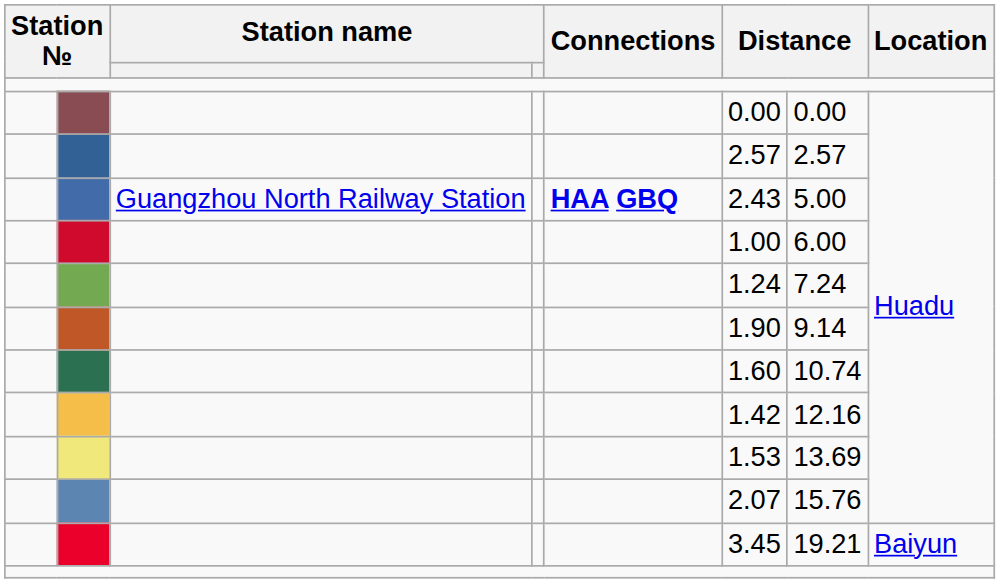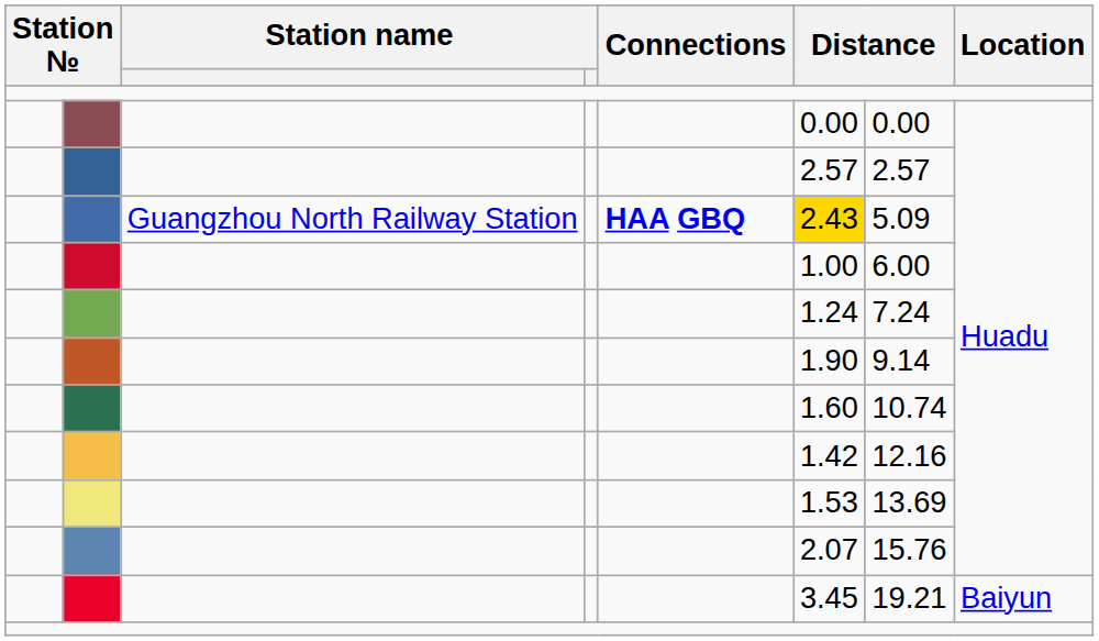 <table class="wikitable">
 <tr>
 <th rowspan="2" colspan="2">Station<br>№</th>
 <th colspan="2">Station name</th>
 <th rowspan="2">Connections</th>
 <th colspan="2" rowspan="2">Distance<br></th>
 <th rowspan="2">Location</th>
 </tr>
 <tr>
 <th></th>
 <th></th>
 </tr>
 <tr style="background:#">
 <td colspan = "8"></td>
 </tr>
 <tr>
 <td></td>
 <td style="background:#894c53"></td>
 <td></td>
 <td></td>
 <td></td>
 <td>0.00</td>
 <td>0.00</td>
 <td rowspan="10"><a href='#'>Huadu</a></td>
 </tr>
 <tr>
 <td></td>
 <td style="background:#326195"></td>
 <td></td>
 <td></td>
 <td></td>
 <td>2.57</td>
 <td>2.57</td>
 </tr>
 <tr>
 <td></td>
 <td style="background:#426ca9"></td>
 <td><a href='#'>Guangzhou North Railway Station</a></td>
 <td></td>
 <td><strong> <a href='#'>HAA</a>  <a href='#'>GBQ</a> </strong></td>
-<td>2.43</td>
-<td>5.00</td>
+<td style="background: gold;">2.43</td>
+<td>5.09</td>
 </tr>
 <tr>
 <td></td>
 <td style="background:#cf0a2c"></td>
 <td></td>
 <td></td>
 <td></td>
 <td>1.00</td>
 <td>6.00</td>
 </tr>
 <tr>
 <td></td>
 <td style="background:#72a951"></td>
 <td></td>
 <td></td>
 <td></td>
 <td>1.24</td>
 <td>7.24</td>
 </tr>
 <tr>
 <td></td>
 <td style="background:#c05727"></td>
 <td></td>
 <td></td>
 <td></td>
 <td>1.90</td>
 <td>9.14</td>
 </tr>
 <tr>
 <td></td>
 <td style="background:#2b7051"></td>
 <td></td>
 <td></td>
 <td></td>
 <td>1.60</td>
 <td>10.74</td>
 </tr>
 <tr>
 <td></td>
 <td style="background:#f4be49"></td>
 <td></td>
 <td></td>
 <td></td>
 <td>1.42</td>
 <td>12.16</td>
 </tr>
 <tr>
 <td></td>
 <td style="background:#f1e87c"></td>
 <td></td>
 <td></td>
 <td></td>
 <td>1.53</td>
 <td>13.69</td>
 </tr>
 <tr>
 <td></td>
 <td style="background:#5c85b2"></td>
 <td></td>
 <td></td>
 <td></td>
 <td>2.07</td>
 <td>15.76</td>
 </tr>
 <tr>
 <td></td>
 <td style="background:#ea002a"></td>
 <td></td>
 <td></td>
 <td> </td>
 <td>3.45</td>
 <td>19.21</td>
 <td><a href='#'>Baiyun</a></td>
 </tr>
 <tr style="background:#">
 <td colspan = "8"></td>
 </tr>
 </table>
